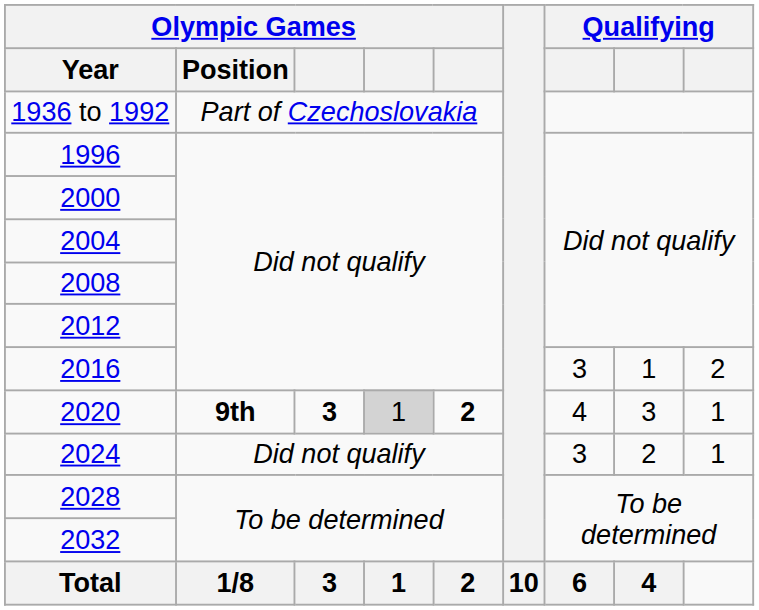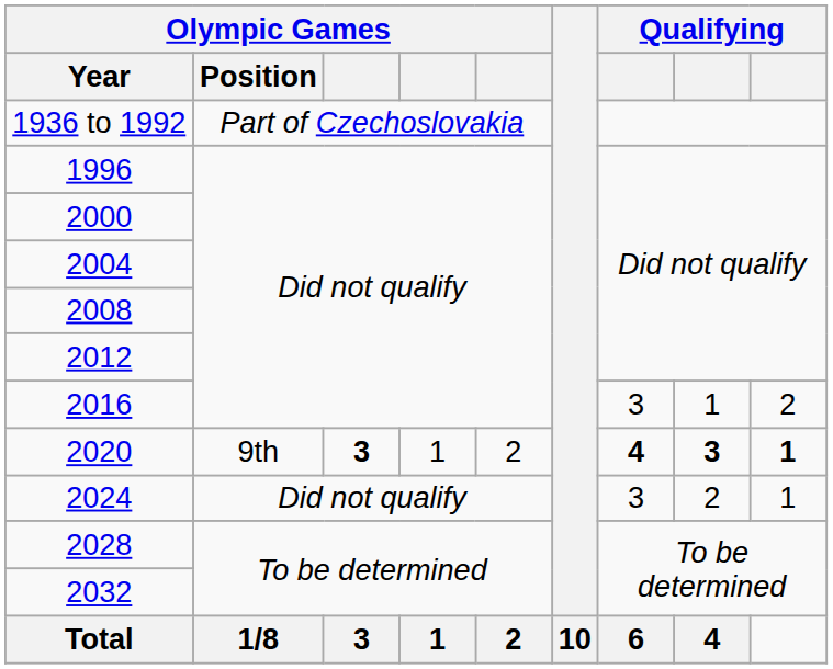 <table class="wikitable" style="text-align: center;font-size:90%;">
 <tr>
 <th colspan=5><a href='#'>Olympic Games</a></th>
 <th rowspan=13></th>
 <th colspan=3><a href='#'>Qualifying</a></th>
 </tr>
 <tr>
 <th>Year</th>
 <th>Position</th>
 <th width=30></th>
 <th width=30></th>
 <th width=30></th>
 <th width=30></th>
 <th width=30></th>
 <th width=30></th>
 </tr>
 <tr>
 <td><a href='#'>1936</a> to <a href='#'>1992</a></td>
 <td colspan=4><em>Part of <a href='#'>Czechoslovakia</a></em></td>
 </tr>
 <tr>
 <td> <a href='#'>1996</a></td>
 <td colspan=4 rowspan=6><em>Did not qualify</em></td>
 <td colspan=3 rowspan=5><em>Did not qualify</em></td>
 </tr>
 <tr>
 <td> <a href='#'>2000</a></td>
 </tr>
 <tr>
 <td> <a href='#'>2004</a></td>
 </tr>
 <tr>
 <td> <a href='#'>2008</a></td>
 </tr>
 <tr>
 <td> <a href='#'>2012</a></td>
 </tr>
 <tr>
 <td> <a href='#'>2016</a></td>
 <td>3</td>
 <td>1</td>
 <td>2</td>
 </tr>
 <tr>
 <td> <a href='#'>2020</a></td>
-<td><strong>9th</strong></td>
+<td>9th</td>
 <td><strong>3</strong></td>
-<td style="background: lightgrey;">1</td>
-<td><strong>2</strong></td>
-<td>4</td>
-<td>3</td>
 <td>1</td>
+<td>2</td>
+<td><strong>4</strong></td>
+<td><strong>3</strong></td>
+<td><strong>1</strong></td>
 </tr>
 <tr>
 <td> <a href='#'>2024</a></td>
 <td colspan=4><em>Did not qualify</em></td>
 <td>3</td>
 <td>2</td>
 <td>1</td>
 </tr>
 <tr>
 <td> <a href='#'>2028</a></td>
 <td colspan=4 rowspan=2><em>To be determined</em></td>
 <td colspan=3 rowspan=2><em>To be determined</em></td>
 </tr>
 <tr>
 <td> <a href='#'>2032</a></td>
 </tr>
 <tr>
 <th>Total</th>
 <th>1/8</th>
 <th>3</th>
 <th>1</th>
 <th>2</th>
 <th>10</th>
 <th>6</th>
 <th>4</th>
 </tr>
 </table>
